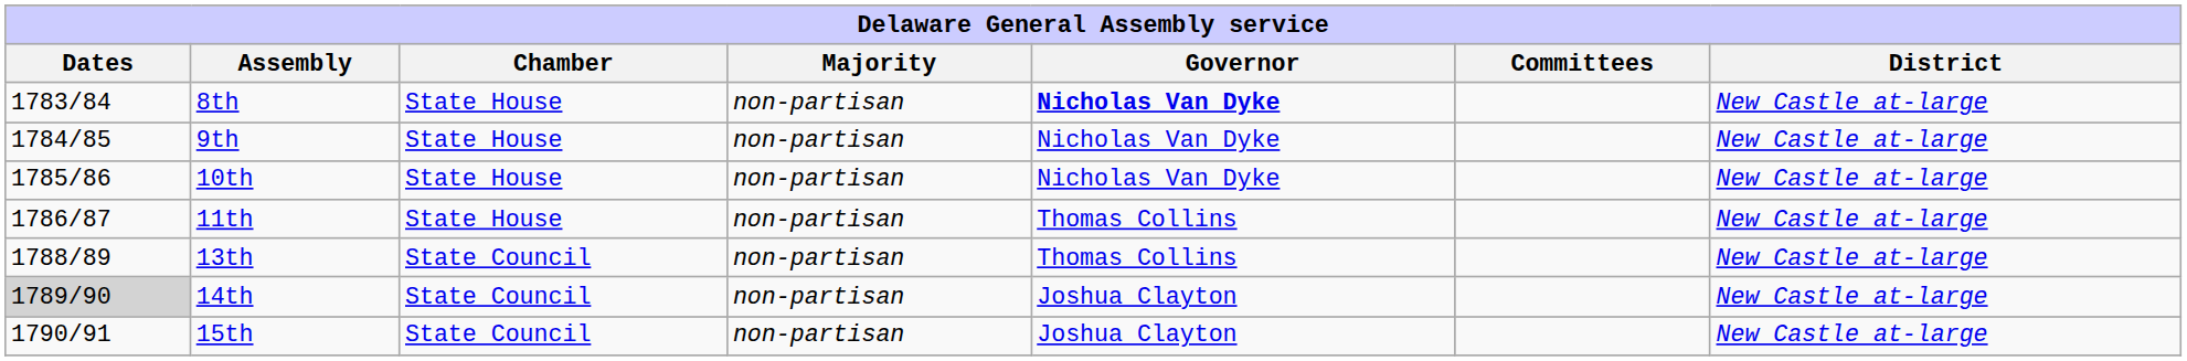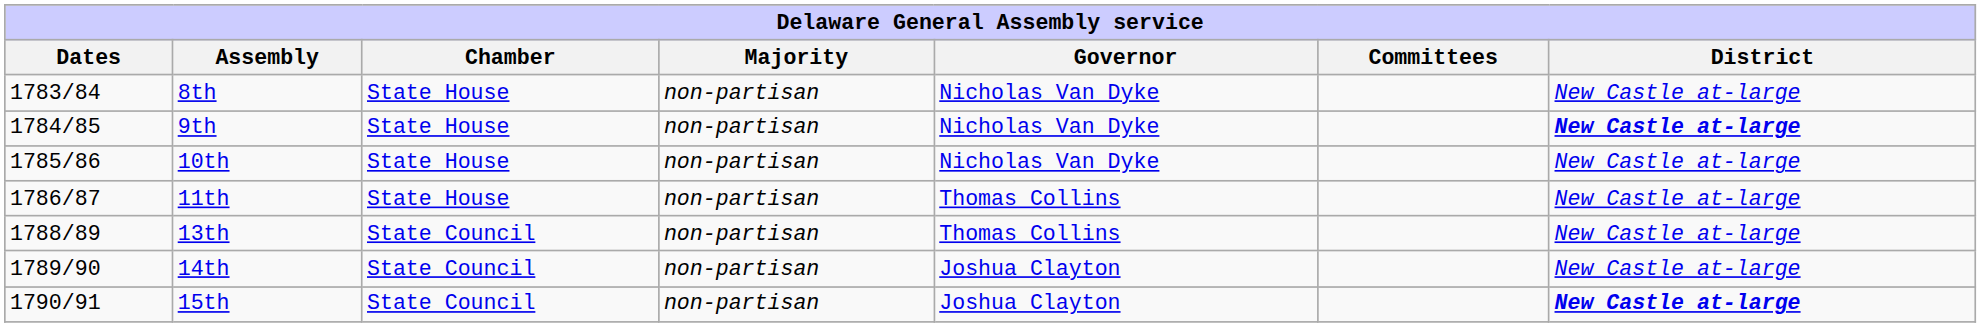 <table class=wikitable style="width: 94%" style="text-align: center;" align="center">
 <tr bgcolor=#cccccc>
 <th colspan=7 style="background: #ccccff;">Delaware General Assembly service</th>
 </tr>
 <tr>
 <th><strong>Dates</strong></th>
 <th><strong>Assembly</strong></th>
 <th><strong>Chamber</strong></th>
 <th><strong>Majority</strong></th>
 <th><strong>Governor</strong></th>
 <th><strong>Committees</strong></th>
 <th><strong>District</strong></th>
 </tr>
 <tr>
 <td>1783/84</td>
 <td><a href='#'>8th</a></td>
 <td><a href='#'>State House</a></td>
 <td><em>non-partisan</em></td>
-<td><strong><a href='#'>Nicholas Van Dyke</a></strong></td>
+<td><a href='#'>Nicholas Van Dyke</a></td>
 <td></td>
 <td><a href='#'><em>New Castle at-large</em></a></td>
 </tr>
 <tr>
 <td>1784/85</td>
 <td><a href='#'>9th</a></td>
 <td><a href='#'>State House</a></td>
 <td><em>non-partisan</em></td>
 <td><a href='#'>Nicholas Van Dyke</a></td>
 <td></td>
-<td><a href='#'><em>New Castle at-large</em></a></td>
+<td><strong><a href='#'><em>New Castle at-large</em></a></strong></td>
 </tr>
 <tr>
 <td>1785/86</td>
 <td><a href='#'>10th</a></td>
 <td><a href='#'>State House</a></td>
 <td><em>non-partisan</em></td>
 <td><a href='#'>Nicholas Van Dyke</a></td>
 <td></td>
 <td><a href='#'><em>New Castle at-large</em></a></td>
 </tr>
 <tr>
 <td>1786/87</td>
 <td><a href='#'>11th</a></td>
 <td><a href='#'>State House</a></td>
 <td><em>non-partisan</em></td>
 <td><a href='#'>Thomas Collins</a></td>
 <td></td>
 <td><a href='#'><em>New Castle at-large</em></a></td>
 </tr>
 <tr>
 <td>1788/89</td>
 <td><a href='#'>13th</a></td>
 <td><a href='#'>State Council</a></td>
 <td><em>non-partisan</em></td>
 <td><a href='#'>Thomas Collins</a></td>
 <td></td>
 <td><a href='#'><em>New Castle at-large</em></a></td>
 </tr>
 <tr>
-<td style="background: lightgrey;">1789/90</td>
+<td>1789/90</td>
 <td><a href='#'>14th</a></td>
 <td><a href='#'>State Council</a></td>
 <td><em>non-partisan</em></td>
 <td><a href='#'>Joshua Clayton</a></td>
 <td></td>
 <td><a href='#'><em>New Castle at-large</em></a></td>
 </tr>
 <tr>
 <td>1790/91</td>
 <td><a href='#'>15th</a></td>
 <td><a href='#'>State Council</a></td>
 <td><em>non-partisan</em></td>
 <td><a href='#'>Joshua Clayton</a></td>
 <td></td>
-<td><a href='#'><em>New Castle at-large</em></a></td>
+<td><strong><a href='#'><em>New Castle at-large</em></a></strong></td>
 </tr>
 </table>
